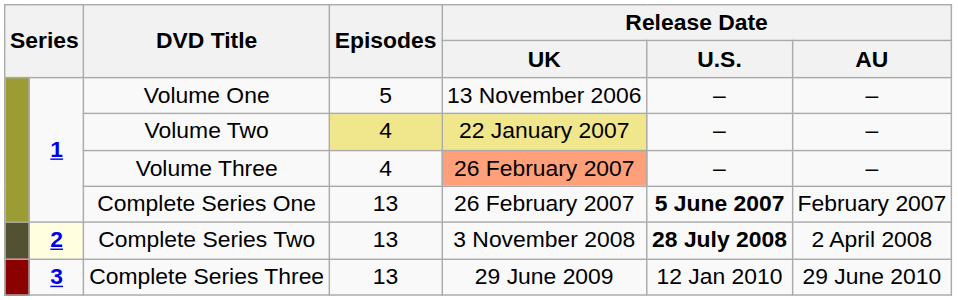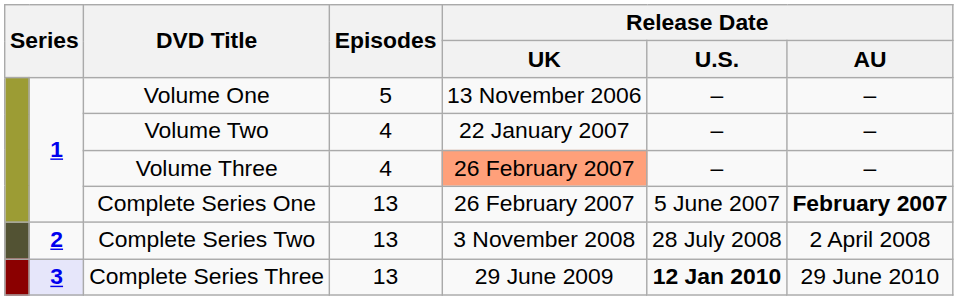 <table class="wikitable">
 <tr>
 <th rowspan="2" colspan="2">Series</th>
 <th rowspan="2">DVD Title</th>
 <th rowspan="2">Episodes</th>
 <th colspan="3">Release Date</th>
 </tr>
 <tr>
 <th>UK</th>
 <th>U.S.</th>
 <th>AU</th>
 </tr>
 <tr style="text-align: center;">
 <td rowspan="4" style="background-color: #9C9C34"></td>
 <td rowspan="4"><strong><a href='#'>1</a></strong></td>
 <td>Volume One</td>
 <td>5</td>
 <td>13 November 2006</td>
 <td>–</td>
 <td>–</td>
 </tr>
 <tr style="text-align: center;">
 <td>Volume Two</td>
-<td style="background: khaki;">4</td>
-<td style="background: khaki;">22 January 2007</td>
+<td>4</td>
+<td>22 January 2007</td>
 <td>–</td>
 <td>–</td>
 </tr>
 <tr style="text-align: center;">
 <td>Volume Three</td>
 <td>4</td>
 <td style="background: lightsalmon;">26 February 2007</td>
 <td>–</td>
 <td>–</td>
 </tr>
 <tr style="text-align: center;">
 <td>Complete Series One</td>
 <td>13</td>
 <td>26 February 2007</td>
-<td><strong>5 June 2007</strong></td>
-<td>February 2007</td>
+<td>5 June 2007</td>
+<td><strong>February 2007</strong></td>
 </tr>
 <tr style="text-align: center;">
 <td style="background-color: #525233"></td>
-<td style="background: lightyellow;"><strong><a href='#'>2</a></strong></td>
+<td><strong><a href='#'>2</a></strong></td>
 <td>Complete Series Two</td>
 <td>13</td>
 <td>3 November 2008</td>
-<td><strong>28 July 2008</strong></td>
+<td>28 July 2008</td>
 <td>2 April 2008</td>
 </tr>
 <tr style="text-align: center;">
 <td style="background-color: #8B0000"></td>
-<td><strong><a href='#'>3</a></strong></td>
+<td style="background: lavender;"><strong><a href='#'>3</a></strong></td>
 <td>Complete Series Three</td>
 <td>13</td>
 <td>29 June 2009</td>
-<td>12 Jan 2010</td>
+<td><strong>12 Jan 2010</strong></td>
 <td>29 June 2010</td>
 </tr>
 </table>
